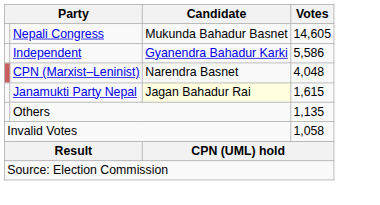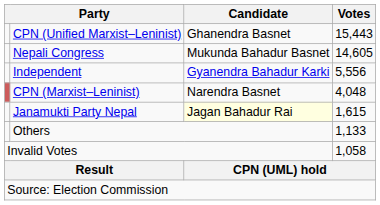 <table class="wikitable">
 <tr>
 <th colspan="2">Party</th>
 <th>Candidate</th>
 <th>Votes</th>
+</tr>
+<tr>
+<td style="background-color:"></td>
+<td><a href='#'>CPN (Unified Marxist–Leninist)</a></td>
+<td>Ghanendra Basnet</td>
+<td>15,443</td>
 </tr>
 <tr>
 <td style="background-color:"></td>
 <td><a href='#'>Nepali Congress</a></td>
 <td>Mukunda Bahadur Basnet</td>
 <td>14,605</td>
 </tr>
 <tr>
 <td style="background-color:"></td>
 <td><a href='#'>Independent</a></td>
 <td><a href='#'>Gyanendra Bahadur Karki</a></td>
-<td>5,586</td>
+<td>5,556</td>
 </tr>
 <tr>
 <td style="background-color:indianred"></td>
 <td><a href='#'>CPN (Marxist–Leninist)</a></td>
 <td>Narendra Basnet</td>
 <td>4,048</td>
 </tr>
 <tr>
 <td></td>
 <td><a href='#'>Janamukti Party Nepal</a></td>
 <td style="background: lightyellow;">Jagan Bahadur Rai</td>
 <td>1,615</td>
 </tr>
 <tr>
 <td></td>
 <td colspan="2">Others</td>
-<td>1,135</td>
+<td>1,133</td>
 </tr>
 <tr>
 <td colspan="3">Invalid Votes</td>
 <td>1,058</td>
 </tr>
 <tr>
 <th colspan="2">Result</th>
 <th colspan="2">CPN (UML) hold</th>
 </tr>
 <tr>
 <td colspan="4">Source: Election Commission</td>
 </tr>
 </table>
